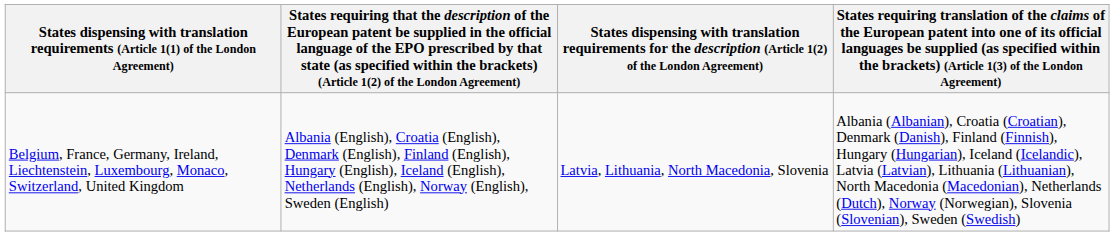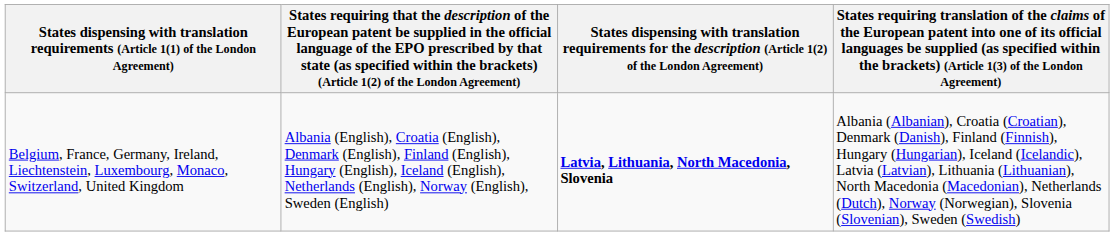 <table class="wikitable" style="margin:1em auto; width:96%" border="1" align="center">
 <tr>
 <th style="width:24%">States dispensing with translation requirements <small>(Article 1(1) of the London Agreement)</small></th>
 <th style="width:24%">States requiring that the <em>description</em> of the European patent be supplied in the official language of the EPO prescribed by that state (as specified within the brackets) <small>(Article 1(2) of the London Agreement)</small></th>
 <th style="width:24%">States dispensing with translation requirements for the <em>description</em> <small>(Article 1(2) of the London Agreement)</small></th>
 <th style="width:24%">States requiring translation of the <em>claims</em> of the European patent into one of its official languages be supplied (as specified within the brackets) <small>(Article 1(3) of the London Agreement)</small></th>
 </tr>
 <tr>
 <td><br><a href='#'>Belgium</a>, France, Germany, Ireland, <a href='#'>Liechtenstein</a>, <a href='#'>Luxembourg</a>, <a href='#'>Monaco</a>, <a href='#'>Switzerland</a>, United Kingdom</td>
 <td><br><a href='#'>Albania</a> (English), <a href='#'>Croatia</a> (English), <a href='#'>Denmark</a> (English), <a href='#'>Finland</a> (English), <a href='#'>Hungary</a> (English), <a href='#'>Iceland</a> (English), <a href='#'>Netherlands</a> (English), <a href='#'>Norway</a> (English), Sweden (English)</td>
-<td><br><a href='#'>Latvia</a>, <a href='#'>Lithuania</a>, <a href='#'>North Macedonia</a>, Slovenia</td>
+<td><strong><br><a href='#'>Latvia</a>, <a href='#'>Lithuania</a>, <a href='#'>North Macedonia</a>, Slovenia</strong></td>
 <td><br>Albania (<a href='#'>Albanian</a>), Croatia (<a href='#'>Croatian</a>), Denmark (<a href='#'>Danish</a>), Finland (<a href='#'>Finnish</a>), Hungary (<a href='#'>Hungarian</a>), Iceland (<a href='#'>Icelandic</a>), Latvia (<a href='#'>Latvian</a>), Lithuania (<a href='#'>Lithuanian</a>), North Macedonia (<a href='#'>Macedonian</a>), Netherlands (<a href='#'>Dutch</a>), <a href='#'>Norway</a> (Norwegian), Slovenia (<a href='#'>Slovenian</a>), Sweden (<a href='#'>Swedish</a>)</td>
 </tr>
 </table>
